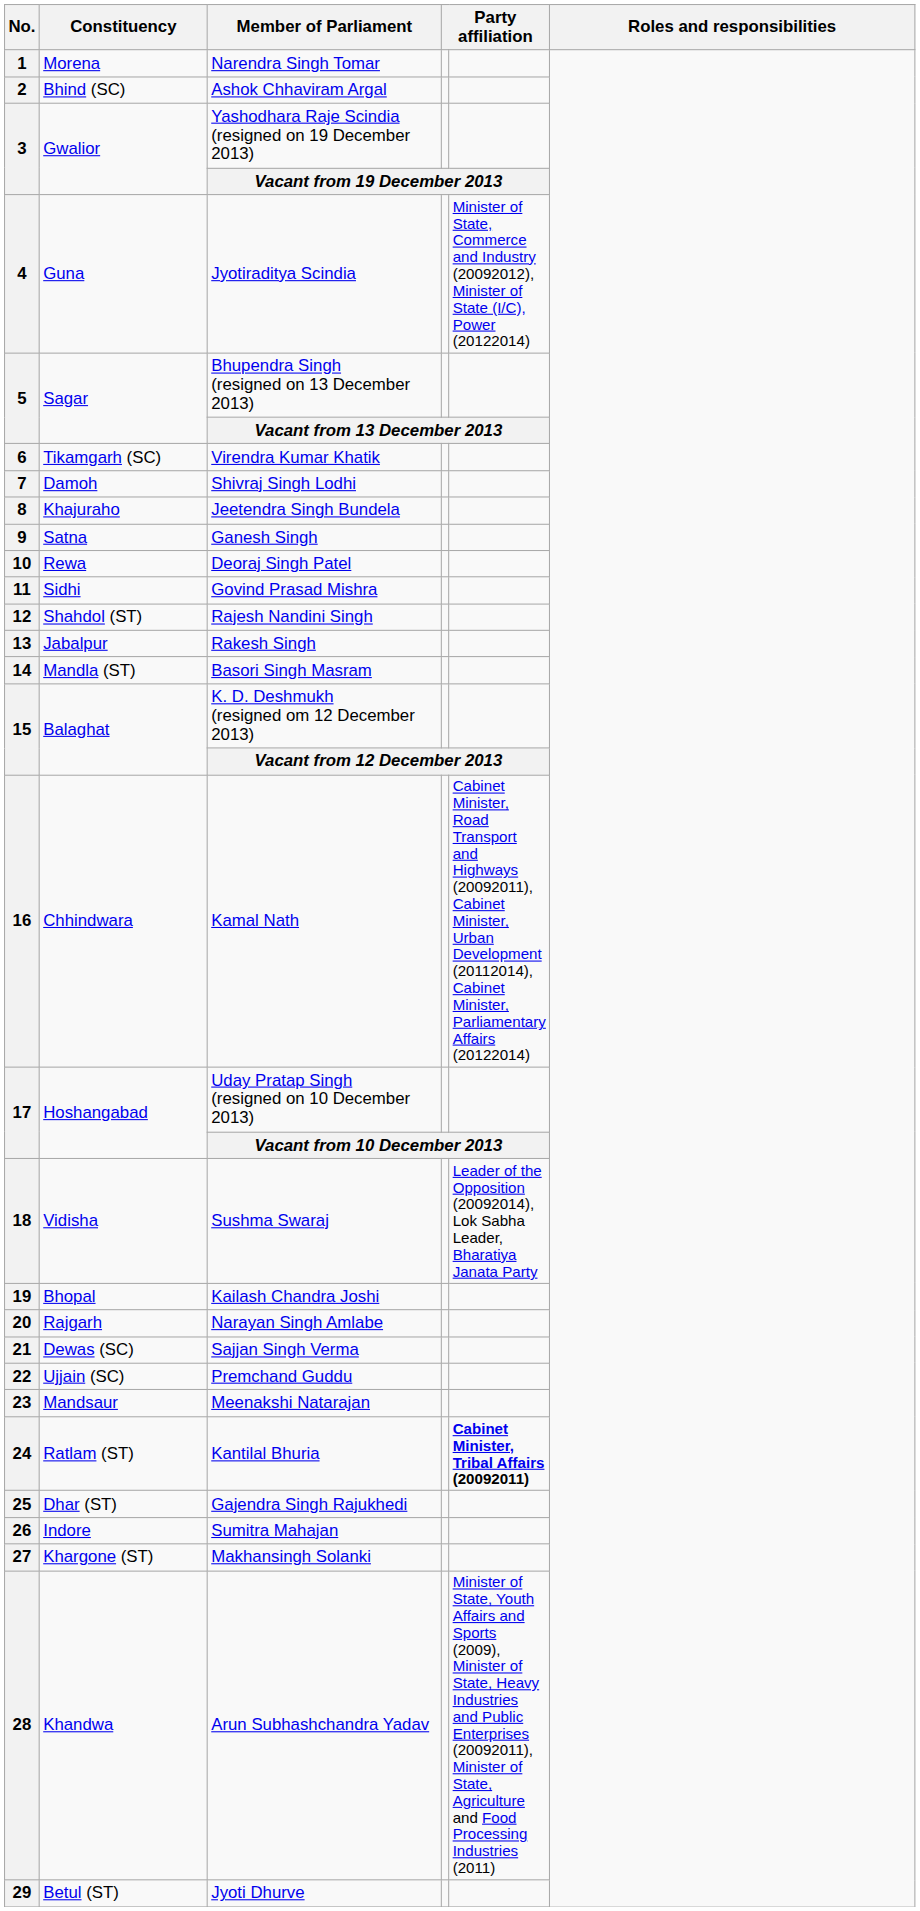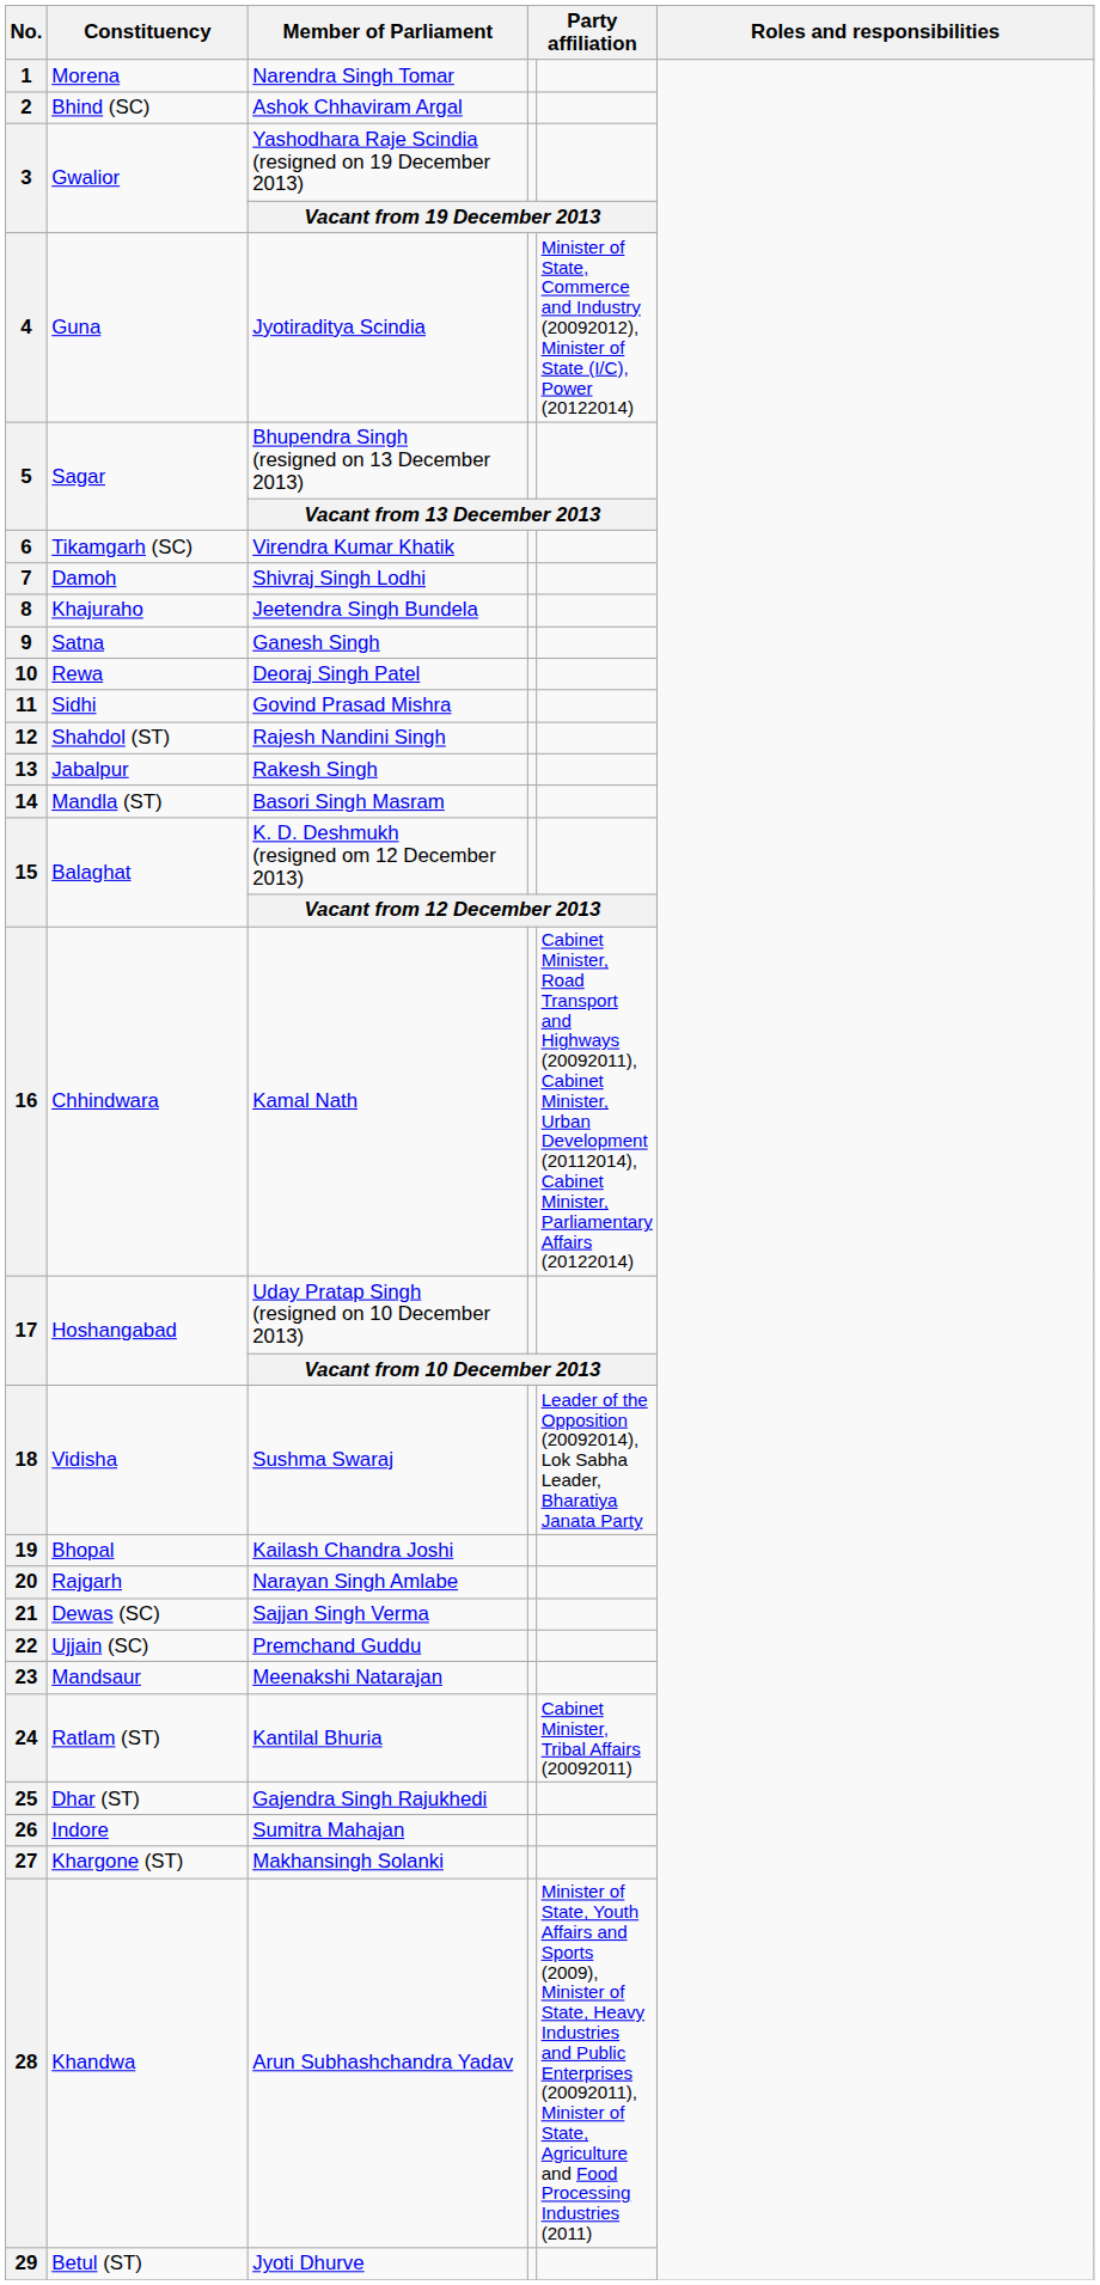 <table class="wikitable">
 <tr style="text-align:center;">
 <th>No.</th>
 <th style="width:12em">Constituency</th>
 <th style="width:18em">Member of Parliament</th>
 <th colspan="2" style="width:18em">Party affiliation</th>
 <th style="width:32em">Roles and responsibilities</th>
 </tr>
 <tr>
 <th>1</th>
 <td><a href='#'>Morena</a></td>
 <td><a href='#'>Narendra Singh Tomar</a></td>
 <td></td>
 <td></td>
 </tr>
 <tr>
 <th>2</th>
 <td><a href='#'>Bhind</a> (SC)</td>
 <td><a href='#'>Ashok Chhaviram Argal</a></td>
 <td></td>
 <td></td>
 </tr>
 <tr>
 <th rowspan="2">3</th>
 <td rowspan="2"><a href='#'>Gwalior</a></td>
 <td><a href='#'>Yashodhara Raje Scindia</a><br>(resigned on 19 December 2013)</td>
 <td></td>
 <td></td>
 </tr>
 <tr>
 <th colspan="3"><em>Vacant from 19 December 2013</em></th>
 </tr>
 <tr>
 <th>4</th>
 <td><a href='#'>Guna</a></td>
 <td><a href='#'>Jyotiraditya Scindia</a></td>
 <td></td>
 <td style="font-size:90%"><a href='#'>Minister of State, Commerce and Industry</a> (20092012),<br><a href='#'>Minister of State (I/C), Power</a> (20122014)</td>
 </tr>
 <tr>
 <th rowspan="2">5</th>
 <td rowspan="2"><a href='#'>Sagar</a></td>
 <td><a href='#'>Bhupendra Singh</a><br>(resigned on 13 December 2013)</td>
 <td></td>
 <td></td>
 </tr>
 <tr>
 <th colspan="3"><em>Vacant from 13 December 2013</em></th>
 </tr>
 <tr>
 <th>6</th>
 <td><a href='#'>Tikamgarh</a> (SC)</td>
 <td><a href='#'>Virendra Kumar Khatik</a></td>
 <td></td>
 <td></td>
 </tr>
 <tr>
 <th>7</th>
 <td><a href='#'>Damoh</a></td>
 <td><a href='#'>Shivraj Singh Lodhi</a></td>
 <td></td>
 <td></td>
 </tr>
 <tr>
 <th>8</th>
 <td><a href='#'>Khajuraho</a></td>
 <td><a href='#'>Jeetendra Singh Bundela</a></td>
 <td></td>
 <td></td>
 </tr>
 <tr>
 <th>9</th>
 <td><a href='#'>Satna</a></td>
 <td><a href='#'>Ganesh Singh</a></td>
 <td></td>
 <td></td>
 </tr>
 <tr>
 <th>10</th>
 <td><a href='#'>Rewa</a></td>
 <td><a href='#'>Deoraj Singh Patel</a></td>
 <td></td>
 <td></td>
 </tr>
 <tr>
 <th>11</th>
 <td><a href='#'>Sidhi</a></td>
 <td><a href='#'>Govind Prasad Mishra</a></td>
 <td></td>
 <td></td>
 </tr>
 <tr>
 <th>12</th>
 <td><a href='#'>Shahdol</a> (ST)</td>
 <td><a href='#'>Rajesh Nandini Singh</a></td>
 <td></td>
 <td></td>
 </tr>
 <tr>
 <th>13</th>
 <td><a href='#'>Jabalpur</a></td>
 <td><a href='#'>Rakesh Singh</a></td>
 <td></td>
 <td></td>
 </tr>
 <tr>
 <th>14</th>
 <td><a href='#'>Mandla</a> (ST)</td>
 <td><a href='#'>Basori Singh Masram</a></td>
 <td></td>
 <td></td>
 </tr>
 <tr>
 <th rowspan="2">15</th>
 <td rowspan="2"><a href='#'>Balaghat</a></td>
 <td><a href='#'>K. D. Deshmukh</a><br>(resigned om 12 December 2013)</td>
 <td></td>
 <td></td>
 </tr>
 <tr>
 <th colspan="3"><em>Vacant from 12 December 2013</em></th>
 </tr>
 <tr>
 <th>16</th>
 <td><a href='#'>Chhindwara</a></td>
 <td><a href='#'>Kamal Nath</a></td>
 <td></td>
 <td style="font-size:90%"><a href='#'>Cabinet Minister, Road Transport and Highways</a> (20092011),<br><a href='#'>Cabinet Minister, Urban Development</a> (20112014),<br><a href='#'>Cabinet Minister, Parliamentary Affairs</a> (20122014)</td>
 </tr>
 <tr>
 <th rowspan="2">17</th>
 <td rowspan="2"><a href='#'>Hoshangabad</a></td>
 <td><a href='#'>Uday Pratap Singh</a><br>(resigned on 10 December 2013)</td>
 <td></td>
 <td></td>
 </tr>
 <tr>
 <th colspan="3"><em>Vacant from 10 December 2013</em></th>
 </tr>
 <tr>
 <th>18</th>
 <td><a href='#'>Vidisha</a></td>
 <td><a href='#'>Sushma Swaraj</a></td>
 <td></td>
 <td style="font-size:90%"><a href='#'>Leader of the Opposition</a> (20092014),<br>Lok Sabha Leader, <a href='#'>Bharatiya Janata Party</a></td>
 </tr>
 <tr>
 <th>19</th>
 <td><a href='#'>Bhopal</a></td>
 <td><a href='#'>Kailash Chandra Joshi</a></td>
 <td></td>
 <td></td>
 </tr>
 <tr>
 <th>20</th>
 <td><a href='#'>Rajgarh</a></td>
 <td><a href='#'>Narayan Singh Amlabe</a></td>
 <td></td>
 <td></td>
 </tr>
 <tr>
 <th>21</th>
 <td><a href='#'>Dewas</a> (SC)</td>
 <td><a href='#'>Sajjan Singh Verma</a></td>
 <td></td>
 <td></td>
 </tr>
 <tr>
 <th>22</th>
 <td><a href='#'>Ujjain</a> (SC)</td>
 <td><a href='#'>Premchand Guddu</a></td>
 <td></td>
 <td></td>
 </tr>
 <tr>
 <th>23</th>
 <td><a href='#'>Mandsaur</a></td>
 <td><a href='#'>Meenakshi Natarajan</a></td>
 <td></td>
 <td></td>
 </tr>
 <tr>
 <th>24</th>
 <td><a href='#'>Ratlam</a> (ST)</td>
 <td><a href='#'>Kantilal Bhuria</a></td>
 <td></td>
-<td style="font-size:90%"><strong><a href='#'>Cabinet Minister, Tribal Affairs</a> (20092011)</strong></td>
+<td style="font-size:90%"><a href='#'>Cabinet Minister, Tribal Affairs</a> (20092011)</td>
 </tr>
 <tr>
 <th>25</th>
 <td><a href='#'>Dhar</a> (ST)</td>
 <td><a href='#'>Gajendra Singh Rajukhedi</a></td>
 <td></td>
 <td></td>
 </tr>
 <tr>
 <th>26</th>
 <td><a href='#'>Indore</a></td>
 <td><a href='#'>Sumitra Mahajan</a></td>
 <td></td>
 <td></td>
 </tr>
 <tr>
 <th>27</th>
 <td><a href='#'>Khargone</a> (ST)</td>
 <td><a href='#'>Makhansingh Solanki</a></td>
 <td></td>
 <td></td>
 </tr>
 <tr>
 <th>28</th>
 <td><a href='#'>Khandwa</a></td>
 <td><a href='#'>Arun Subhashchandra Yadav</a></td>
 <td></td>
 <td style="font-size:90%"><a href='#'>Minister of State, Youth Affairs and Sports</a> (2009),<br><a href='#'>Minister of State, Heavy Industries and Public Enterprises</a> (20092011),<br><a href='#'>Minister of State, Agriculture</a> and <a href='#'>Food Processing Industries</a> (2011)</td>
 </tr>
 <tr>
 <th>29</th>
 <td><a href='#'>Betul</a> (ST)</td>
 <td><a href='#'>Jyoti Dhurve</a></td>
 <td></td>
 <td></td>
 </tr>
 <tr>
 </tr>
 </table>
